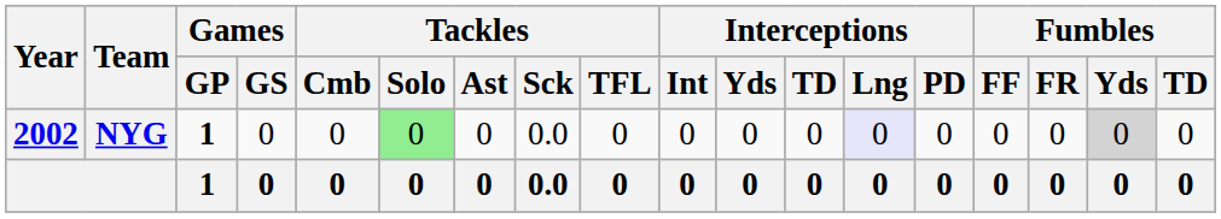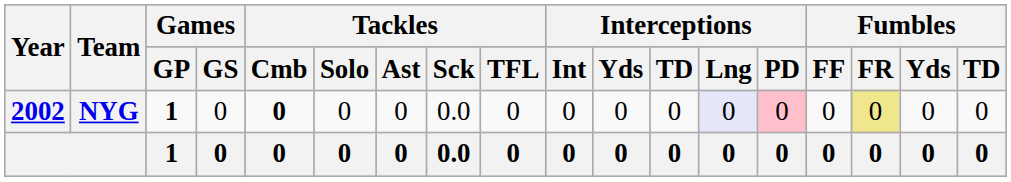 <table class="wikitable" style="text-align:center">
 <tr>
 <th rowspan="2">Year</th>
 <th rowspan="2">Team</th>
 <th colspan="2">Games</th>
 <th colspan="5">Tackles</th>
 <th colspan="5">Interceptions</th>
 <th colspan="4">Fumbles</th>
 </tr>
 <tr>
 <th>GP</th>
 <th>GS</th>
 <th>Cmb</th>
 <th>Solo</th>
 <th>Ast</th>
 <th>Sck</th>
 <th>TFL</th>
 <th>Int</th>
 <th>Yds</th>
 <th>TD</th>
 <th>Lng</th>
 <th>PD</th>
 <th>FF</th>
 <th>FR</th>
 <th>Yds</th>
 <th>TD</th>
 </tr>
 <tr>
 <th><a href='#'>2002</a></th>
 <th><a href='#'>NYG</a></th>
 <td><strong>1</strong></td>
 <td>0</td>
+<td><strong>0</strong></td>
 <td>0</td>
-<td style="background: lightgreen;">0</td>
 <td>0</td>
 <td>0.0</td>
 <td>0</td>
 <td>0</td>
 <td>0</td>
 <td>0</td>
 <td style="background: lavender;">0</td>
+<td style="background: pink;">0</td>
 <td>0</td>
+<td style="background: khaki;">0</td>
 <td>0</td>
-<td>0</td>
-<td style="background: lightgrey;">0</td>
 <td>0</td>
 </tr>
 <tr>
 <th colspan="2"></th>
 <th>1</th>
 <th>0</th>
 <th>0</th>
 <th>0</th>
 <th>0</th>
 <th>0.0</th>
 <th>0</th>
 <th>0</th>
 <th>0</th>
 <th>0</th>
 <th>0</th>
 <th>0</th>
 <th>0</th>
 <th>0</th>
 <th>0</th>
 <th>0</th>
 </tr>
 </table>
